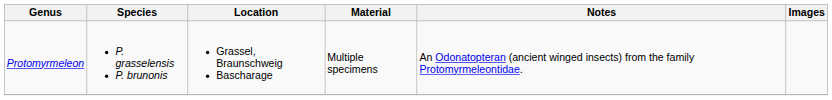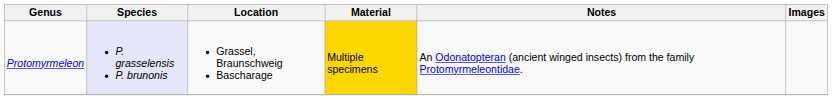 <table class = "wikitable">
 <tr>
 <th>Genus</th>
 <th>Species</th>
 <th>Location</th>
 <th>Material</th>
 <th>Notes</th>
 <th>Images</th>
 </tr>
 <tr>
 <td><br><em><a href='#'>Protomyrmeleon</a></em></td>
-<td><br><ul><li><em>P. grasselensis</em></li><li><em>P. brunonis</em></li></ul></td>
+<td style="background: lavender;"><br><ul><li><em>P. grasselensis</em></li><li><em>P. brunonis</em></li></ul></td>
 <td><br><ul><li>Grassel, Braunschweig</li><li>Bascharage</li></ul></td>
-<td><br>Multiple specimens</td>
+<td style="background: gold;"><br>Multiple specimens</td>
 <td><br>An <a href='#'>Odonatopteran</a> (ancient winged insects) from the family <a href='#'>Protomyrmeleontidae</a>.</td>
 <td></td>
 </tr>
 <tr>
 </tr>
 </table>
